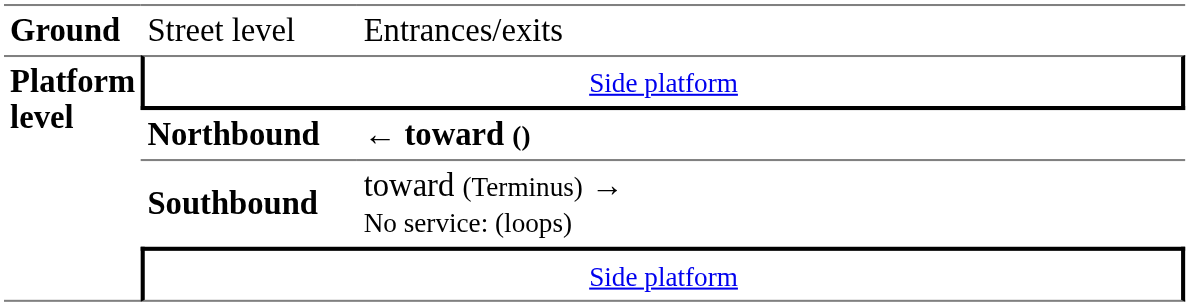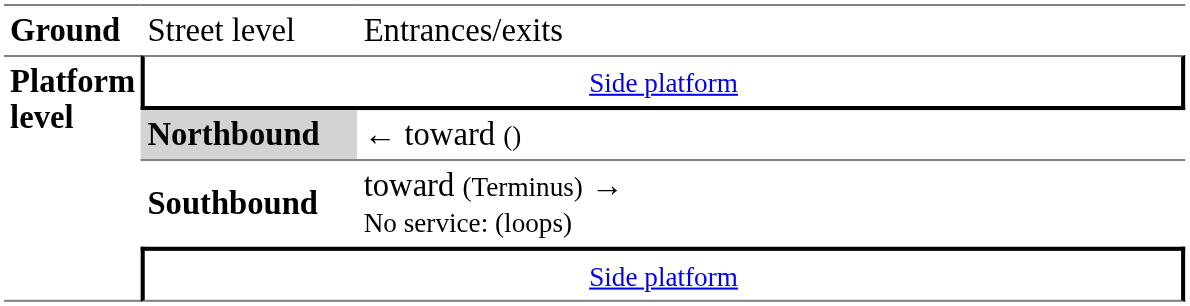 <table cellspacing=0 cellpadding=3>
 <tr>
 <td style="border-top:solid 1px gray;" width=50><strong>Ground</strong></td>
 <td style="border-top:solid 1px gray;" width=100>Street level</td>
 <td style="border-top:solid 1px gray;" width=400>Entrances/exits</td>
 </tr>
 <tr>
 <td style="border-top:solid 1px gray;border-bottom:solid 1px gray;" rowspan=4 valign=top><strong>Platform level</strong></td>
 <td style="border-top:solid 1px gray;border-right:solid 2px black;border-left:solid 2px black;border-bottom:solid 2px black;text-align:center;" colspan=2><small><a href='#'>Side platform</a></small></td>
 </tr>
 <tr>
-<td><span><strong>Northbound</strong></span></td>
-<td><strong>←  toward  <small>()</small></strong></td>
+<td style="background: lightgrey;"><span><strong>Northbound</strong></span></td>
+<td>←  toward  <small>()</small></td>
 </tr>
 <tr>
 <td style="border-top:solid 1px gray;"><span><strong>Southbound</strong></span></td>
 <td style="border-top:solid 1px gray;">  toward  <small>(Terminus)</small> →<br> <small>No service:  (loops)</small></td>
 </tr>
 <tr>
 <td style="border-top:solid 2px black;border-right:solid 2px black;border-left:solid 2px black;border-bottom:solid 1px gray;text-align:center;" colspan=2><small><a href='#'>Side platform</a></small></td>
 </tr>
 </table>
